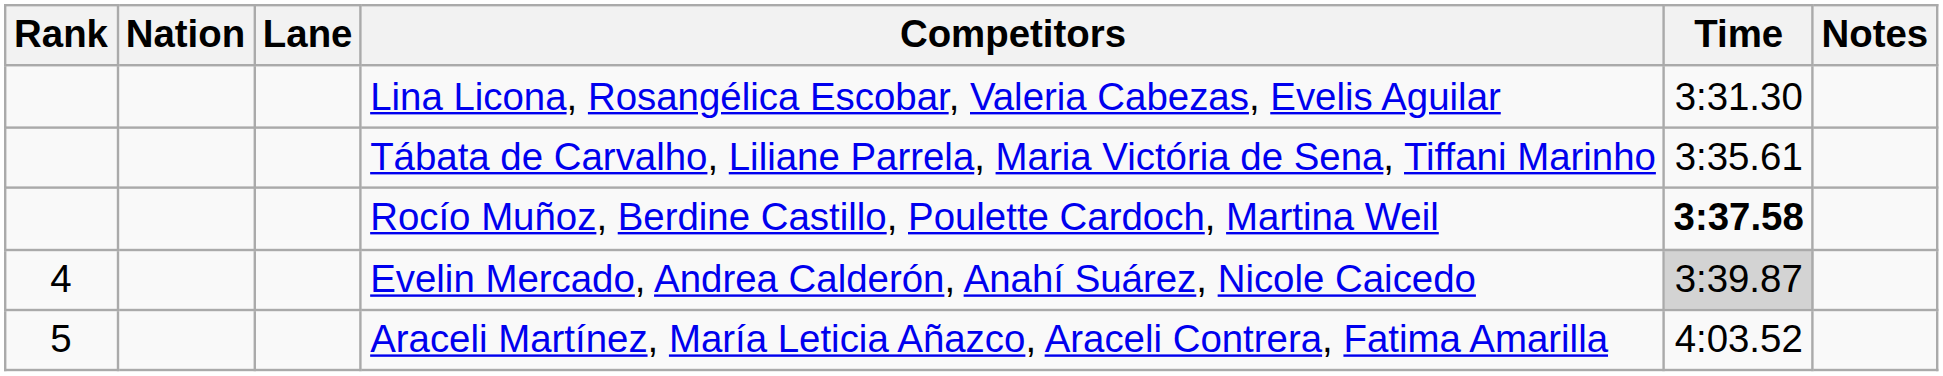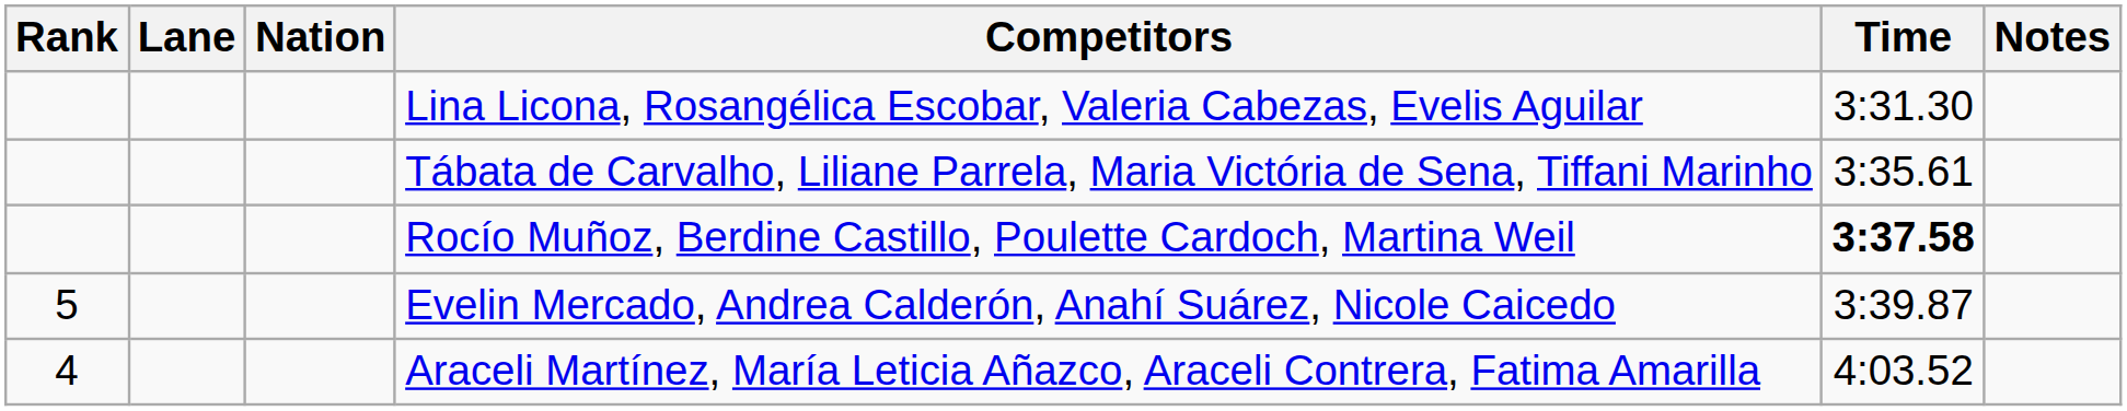 <table class="wikitable sortable" style="text-align:center">
 <tr>
 <th>Rank</th>
+<th>Lane</th>
 <th>Nation</th>
-<th>Lane</th>
 <th>Competitors</th>
 <th>Time</th>
 <th>Notes</th>
 </tr>
 <tr>
 <td></td>
+<td></td>
 <td align=left></td>
-<td></td>
 <td align=left><a href='#'>Lina Licona</a>, <a href='#'>Rosangélica Escobar</a>, <a href='#'>Valeria Cabezas</a>, <a href='#'>Evelis Aguilar</a></td>
 <td>3:31.30</td>
 <td><strong></strong></td>
 </tr>
 <tr>
 <td></td>
+<td></td>
 <td align=left></td>
-<td></td>
 <td align=left><a href='#'>Tábata de Carvalho</a>, <a href='#'>Liliane Parrela</a>, <a href='#'>Maria Victória de Sena</a>, <a href='#'>Tiffani Marinho</a></td>
 <td>3:35.61</td>
 <td></td>
 </tr>
 <tr>
 <td></td>
+<td></td>
 <td align=left></td>
-<td></td>
 <td align=left><a href='#'>Rocío Muñoz</a>, <a href='#'>Berdine Castillo</a>, <a href='#'>Poulette Cardoch</a>, <a href='#'>Martina Weil</a></td>
 <td><strong>3:37.58</strong></td>
 <td></td>
 </tr>
 <tr>
-<td>4</td>
+<td>5</td>
+<td></td>
 <td align=left></td>
-<td></td>
 <td align=left><a href='#'>Evelin Mercado</a>, <a href='#'>Andrea Calderón</a>, <a href='#'>Anahí Suárez</a>, <a href='#'>Nicole Caicedo</a></td>
-<td style="background: lightgrey;">3:39.87</td>
+<td>3:39.87</td>
 <td></td>
 </tr>
 <tr>
-<td>5</td>
+<td>4</td>
+<td></td>
 <td align=left></td>
-<td></td>
 <td align=left><a href='#'>Araceli Martínez</a>, <a href='#'>María Leticia Añazco</a>, <a href='#'>Araceli Contrera</a>, <a href='#'>Fatima Amarilla</a></td>
 <td>4:03.52</td>
 <td></td>
 </tr>
 </table>
